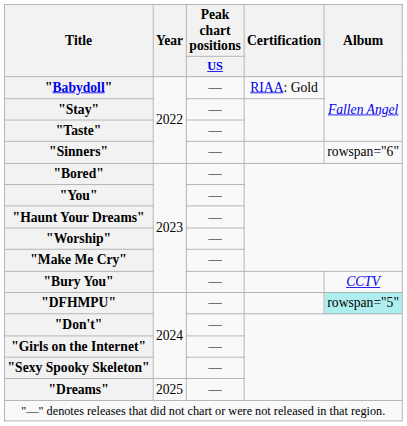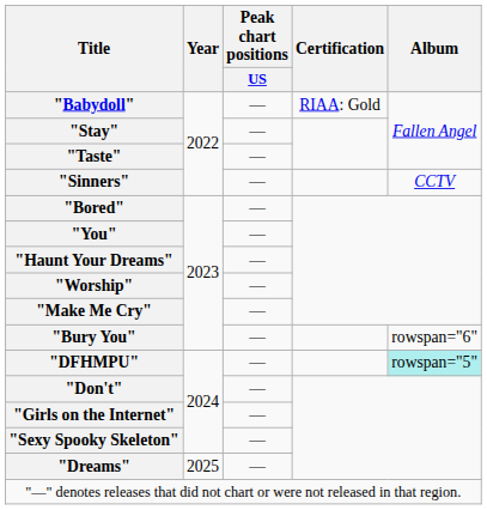 <table class="wikitable plainrowheaders" style="text-align:center;">
 <tr>
 <th scope="col" rowspan="2">Title</th>
 <th scope="col" rowspan="2">Year</th>
 <th scope="col">Peak chart positions</th>
 <th scope="col" rowspan="2">Certification</th>
 <th scope="col" rowspan="2">Album</th>
 </tr>
 <tr>
 <th style="width:3em;font-size:90%;"><a href='#'>US</a><br></th>
 </tr>
 <tr>
 <th scope="row">"<a href='#'>Babydoll</a>"</th>
 <td rowspan="4">2022</td>
 <td>—</td>
 <td><a href='#'>RIAA</a>: Gold</td>
 <td rowspan="3"><em><a href='#'>Fallen Angel</a></em></td>
 </tr>
 <tr>
 <th scope="row">"Stay"</th>
 <td>—</td>
 </tr>
 <tr>
 <th scope="row">"Taste"</th>
 <td>—</td>
 </tr>
 <tr>
 <th scope="row">"Sinners"<br></th>
 <td>—</td>
 <td></td>
-<td>rowspan="6" </td>
+<td><em><a href='#'>CCTV</a></em></td>
 </tr>
 <tr>
 <th scope="row">"Bored"</th>
 <td rowspan="6">2023</td>
 <td>—</td>
 </tr>
 <tr>
 <th scope="row">"You"</th>
 <td>—</td>
 </tr>
 <tr>
 <th scope="row">"Haunt Your Dreams"</th>
 <td>—</td>
 </tr>
 <tr>
 <th scope="row">"Worship"</th>
 <td>—</td>
 </tr>
 <tr>
 <th scope="row">"Make Me Cry"<br></th>
 <td>—</td>
 </tr>
 <tr>
 <th scope="row">"Bury You"</th>
 <td>—</td>
 <td></td>
-<td><em><a href='#'>CCTV</a></em></td>
+<td>rowspan="6" </td>
 </tr>
 <tr>
 <th scope="row">"DFHMPU"</th>
 <td rowspan="4">2024</td>
 <td>—</td>
 <td></td>
 <td style="background: paleturquoise;">rowspan="5" </td>
 </tr>
 <tr>
 <th scope="row">"Don't"</th>
 <td>—</td>
 </tr>
 <tr>
 <th scope="row">"Girls on the Internet"</th>
 <td>—</td>
 </tr>
 <tr>
 <th scope="row">"Sexy Spooky Skeleton"<br></th>
 <td>—</td>
 </tr>
 <tr>
 <th scope="row">"Dreams"</th>
 <td>2025</td>
 <td>—</td>
 </tr>
 <tr>
 <td colspan="5" style="font-size:90%">"—" denotes releases that did not chart or were not released in that region.</td>
 </tr>
 </table>
